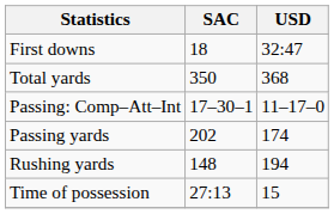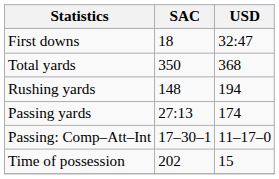 <table class="wikitable" style="float: left;">
 <tr>
 <th>Statistics</th>
 <th>SAC</th>
 <th>USD</th>
 </tr>
 <tr>
 <td>First downs</td>
 <td>18</td>
 <td>32:47</td>
 </tr>
 <tr>
 <td>Total yards</td>
 <td>350</td>
 <td>368</td>
 </tr>
 <tr>
+<td>Rushing yards</td>
+<td>148</td>
+<td>194</td>
+</tr>
+<tr>
+<td>Passing yards</td>
+<td>27:13</td>
+<td>174</td>
+</tr>
+<tr>
 <td>Passing: Comp–Att–Int</td>
 <td>17–30–1</td>
 <td>11–17–0</td>
 </tr>
 <tr>
-<td>Passing yards</td>
+<td>Time of possession</td>
 <td>202</td>
-<td>174</td>
-</tr>
-<tr>
-<td>Rushing yards</td>
-<td>148</td>
-<td>194</td>
-</tr>
-<tr>
-<td>Time of possession</td>
-<td>27:13</td>
 <td>15</td>
 </tr>
 <tr>
 </tr>
 </table>
